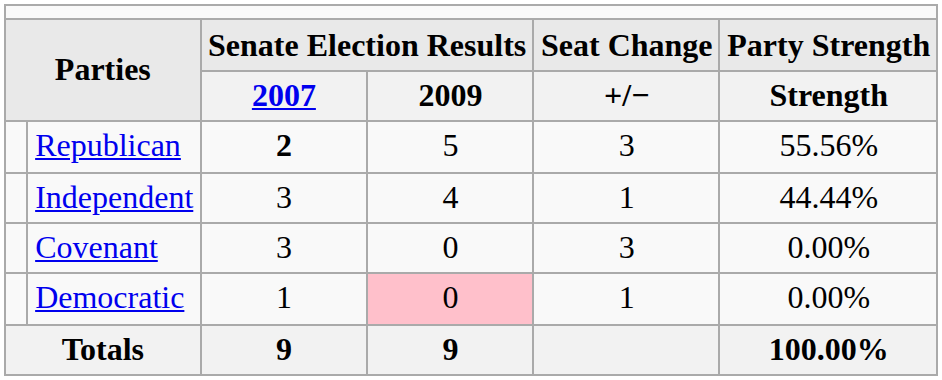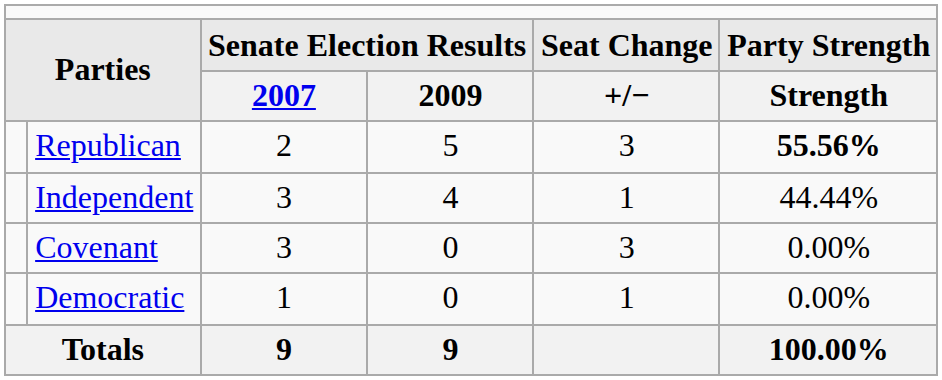 <table class   ="wikitable">
 <tr>
 <td colspan="6"></td>
 </tr>
 <tr>
 <th style   ="background:#e9e9e9; text-align:center" rowspan="2" colspan="2">Parties</th>
 <th style   ="background:#e9e9e9; text-align:center" colspan="2">Senate Election Results</th>
 <th style   ="background:#e9e9e9; text-align:center" colspan="1">Seat Change</th>
 <th style   ="background:#e9e9e9; text-align:center" colspan="1">Party Strength</th>
 </tr>
 <tr style ="background:#e9e9e9">
 <th><a href='#'>2007</a></th>
 <th>2009</th>
 <th>+/−</th>
 <th>Strength</th>
 </tr>
 <tr>
 <td style="background-color:"> </td>
 <td><a href='#'>Republican</a></td>
-<td align = center><strong>2</strong></td>
+<td align = center>2</td>
 <td align = center>5</td>
 <td align = center>3 </td>
-<td align = center>55.56%</td>
+<td align = center><strong>55.56%</strong></td>
 </tr>
 <tr>
 <td style="background-color:"> </td>
 <td><a href='#'>Independent</a></td>
 <td align = center>3</td>
 <td align = center>4</td>
 <td align = center>1 </td>
 <td align = center>44.44%</td>
 </tr>
 <tr>
 <td style="background-color:"> </td>
 <td><a href='#'>Covenant</a></td>
 <td align = center>3</td>
 <td align = center>0</td>
 <td align = center>3 </td>
 <td align = center>0.00%</td>
 </tr>
 <tr>
 <td style="background-color:"> </td>
 <td><a href='#'>Democratic</a></td>
 <td align = center>1</td>
-<td align = center style="background: pink;">0</td>
+<td align = center>0</td>
 <td align = center>1 </td>
 <td align = center>0.00%</td>
 </tr>
 <tr style = "background:#ccc">
 <th colspan = "2">Totals</th>
 <th>9</th>
 <th>9</th>
 <th></th>
 <th>100.00%</th>
 </tr>
 </table>
